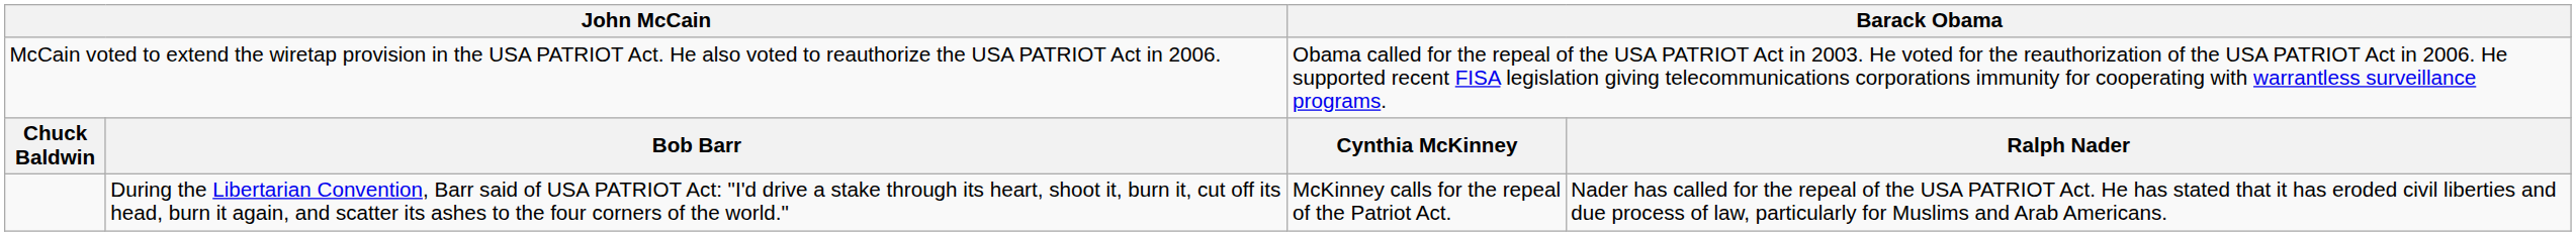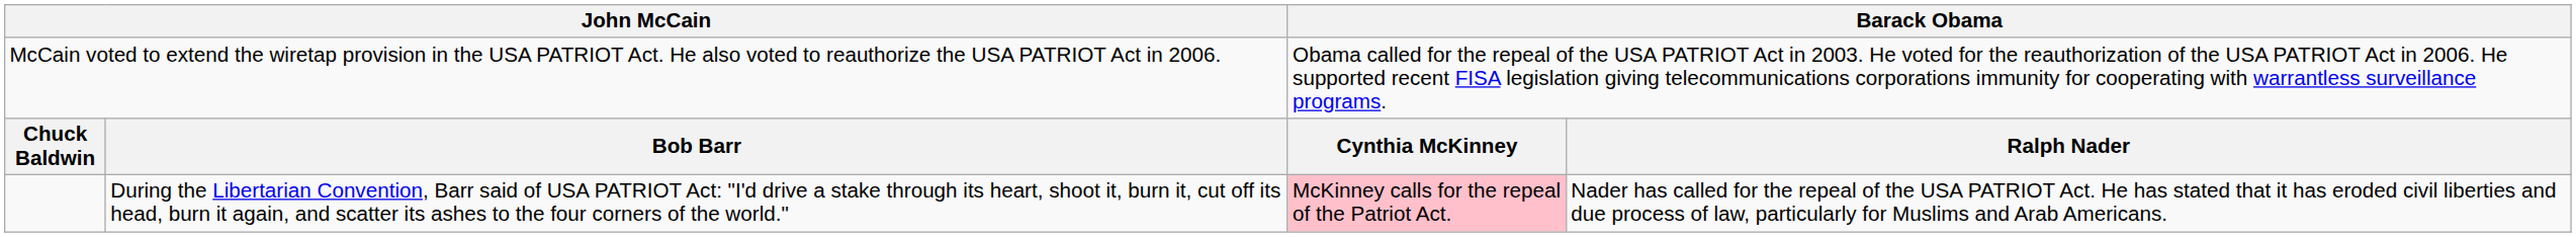 <table class="wikitable">
 <tr>
 <th colspan="2">John McCain</th>
 <th colspan="2">Barack Obama</th>
 </tr>
 <tr valign="top">
 <td colspan="2" width="50%">McCain voted to extend the wiretap provision in the USA PATRIOT Act. He also voted to reauthorize the USA PATRIOT Act in 2006.</td>
 <td colspan="2" width="50%">Obama called for the repeal of the USA PATRIOT Act in 2003. He voted for the reauthorization of the USA PATRIOT Act in 2006.  He supported recent <a href='#'>FISA</a> legislation giving telecommunications corporations immunity for cooperating with <a href='#'>warrantless surveillance programs</a>.</td>
 </tr>
 <tr>
 <th>Chuck Baldwin</th>
 <th>Bob Barr</th>
 <th>Cynthia McKinney</th>
 <th>Ralph Nader</th>
 </tr>
 <tr valign="top">
 <td></td>
 <td>During the <a href='#'>Libertarian Convention</a>, Barr said of  USA PATRIOT Act: "I'd drive a stake through its heart, shoot it, burn it, cut off its head, burn it again, and scatter its ashes to the four corners of the world."</td>
-<td>McKinney calls for the repeal of the Patriot Act.</td>
+<td style="background: pink;">McKinney calls for the repeal of the Patriot Act.</td>
 <td>Nader has called for the repeal of the USA PATRIOT Act. He has stated that it has eroded civil liberties and due process of law, particularly for Muslims and Arab Americans.</td>
 </tr>
 </table>
